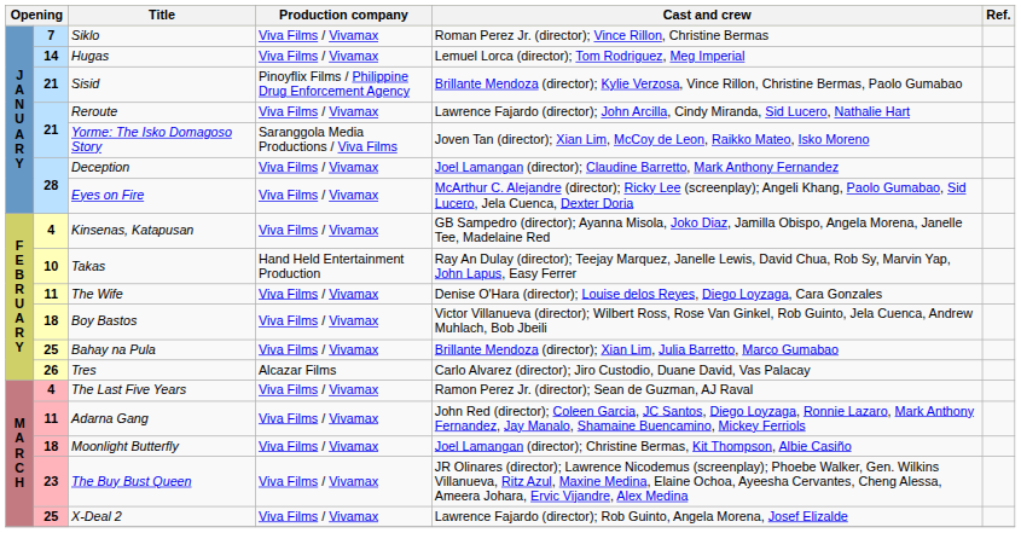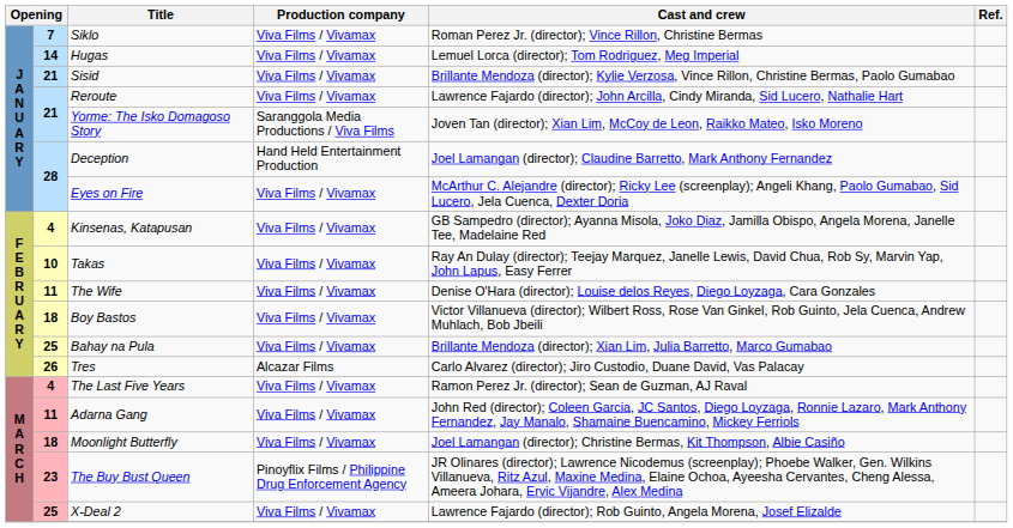 <table class="wikitable sortable">
 <tr style="background:#ffffba; text-align:center;">
 <th colspan="2" style="width:05%">Opening</th>
 <th style="width:17%">Title</th>
 <th style="width:16%">Production company</th>
 <th style="width:50%">Cast and crew</th>
 <th style="width:02%">Ref.</th>
 </tr>
 <tr>
 <th rowspan="7" style="text-align:center; background:#6698c6">J<br>A<br>N<br>U<br>A<br>R<br>Y</th>
 <td style="text-align:center; background:#bae1ff"><strong>7</strong></td>
 <td><em>Siklo</em></td>
 <td><a href='#'>Viva Films</a> / <a href='#'>Vivamax</a></td>
 <td style="text-align:left;">Roman Perez Jr. (director); <a href='#'>Vince Rillon</a>, Christine Bermas</td>
 <td></td>
 </tr>
 <tr>
 <td style="text-align:center; background:#bae1ff"><strong>14</strong></td>
 <td><em>Hugas</em></td>
 <td><a href='#'>Viva Films</a> / <a href='#'>Vivamax</a></td>
 <td>Lemuel Lorca (director); <a href='#'>Tom Rodriguez</a>, <a href='#'>Meg Imperial</a></td>
 <td></td>
 </tr>
 <tr>
 <td style="text-align:center; background:#bae1ff"><strong>21</strong></td>
 <td><em>Sisid</em></td>
-<td>Pinoyflix Films / <a href='#'>Philippine Drug Enforcement Agency</a></td>
+<td><a href='#'>Viva Films</a> / <a href='#'>Vivamax</a></td>
 <td style="text-align:left;"><a href='#'>Brillante Mendoza</a> (director); <a href='#'>Kylie Verzosa</a>, Vince Rillon, Christine Bermas, Paolo Gumabao</td>
 <td></td>
 </tr>
 <tr>
 <td rowspan="2" style="text-align:center; background:#bae1ff"><strong>21</strong></td>
 <td><em>Reroute</em></td>
 <td><a href='#'>Viva Films</a> / <a href='#'>Vivamax</a></td>
 <td style="text-align:left;">Lawrence Fajardo (director); <a href='#'>John Arcilla</a>, Cindy Miranda, <a href='#'>Sid Lucero</a>, <a href='#'>Nathalie Hart</a></td>
 <td></td>
 </tr>
 <tr>
 <td><em><a href='#'>Yorme: The Isko Domagoso Story</a></em></td>
 <td>Saranggola Media Productions / <a href='#'>Viva Films</a></td>
 <td>Joven Tan (director); <a href='#'>Xian Lim</a>, <a href='#'>McCoy de Leon</a>, <a href='#'>Raikko Mateo</a>, <a href='#'>Isko Moreno</a></td>
 <td></td>
 </tr>
 <tr>
 <td rowspan="2" style="text-align:center; background:#bae1ff"><strong>28</strong></td>
 <td><em>Deception</em></td>
-<td><a href='#'>Viva Films</a> / <a href='#'>Vivamax</a></td>
+<td>Hand Held Entertainment Production</td>
 <td><a href='#'>Joel Lamangan</a> (director); <a href='#'>Claudine Barretto</a>, <a href='#'>Mark Anthony Fernandez</a></td>
 <td></td>
 </tr>
 <tr>
 <td><em><a href='#'>Eyes on Fire</a></em></td>
 <td><a href='#'>Viva Films</a> / <a href='#'>Vivamax</a></td>
 <td><a href='#'>McArthur C. Alejandre</a> (director); <a href='#'>Ricky Lee</a> (screenplay); Angeli Khang, <a href='#'>Paolo Gumabao</a>, <a href='#'>Sid Lucero</a>, Jela Cuenca, <a href='#'>Dexter Doria</a></td>
 <td></td>
 </tr>
 <tr>
 <th rowspan="6" style="text-align:center; background:#d0d069">F<br>E<br>B<br>R<br>U<br>A<br>R<br>Y</th>
 <td style="text-align:center; background:#ffffba"><strong>4</strong></td>
 <td><em>Kinsenas, Katapusan</em></td>
 <td><a href='#'>Viva Films</a> / <a href='#'>Vivamax</a></td>
 <td>GB Sampedro (director); Ayanna Misola, <a href='#'>Joko Diaz</a>, Jamilla Obispo, Angela Morena, Janelle Tee, Madelaine Red</td>
 <td></td>
 </tr>
 <tr>
 <td style="text-align:center; background:#ffffba"><strong>10</strong></td>
 <td><em>Takas</em></td>
-<td>Hand Held Entertainment Production</td>
+<td><a href='#'>Viva Films</a> / <a href='#'>Vivamax</a></td>
 <td>Ray An Dulay (director); Teejay Marquez, Janelle Lewis, David Chua, Rob Sy, Marvin Yap, <a href='#'>John Lapus</a>, Easy Ferrer</td>
 <td></td>
 </tr>
 <tr>
 <td style="text-align:center; background:#ffffba"><strong>11</strong></td>
 <td><em>The Wife</em></td>
 <td><a href='#'>Viva Films</a> / <a href='#'>Vivamax</a></td>
 <td>Denise O'Hara (director); <a href='#'>Louise delos Reyes</a>, <a href='#'>Diego Loyzaga</a>, Cara Gonzales</td>
 <td></td>
 </tr>
 <tr>
 <td style="text-align:center; background:#ffffba"><strong>18</strong></td>
 <td><em>Boy Bastos</em></td>
 <td><a href='#'>Viva Films</a> / <a href='#'>Vivamax</a></td>
 <td>Victor Villanueva (director); Wilbert Ross, Rose Van Ginkel, Rob Guinto, Jela Cuenca, Andrew Muhlach, Bob Jbeili</td>
 <td></td>
 </tr>
 <tr>
 <td style="text-align:center; background:#ffffba"><strong>25</strong></td>
 <td><em>Bahay na Pula</em></td>
 <td><a href='#'>Viva Films</a> / <a href='#'>Vivamax</a></td>
 <td><a href='#'>Brillante Mendoza</a> (director); <a href='#'>Xian Lim</a>, <a href='#'>Julia Barretto</a>, <a href='#'>Marco Gumabao</a></td>
 <td></td>
 </tr>
 <tr>
 <td style="text-align:center; background:#ffffba"><strong>26</strong></td>
 <td><em>Tres</em></td>
 <td>Alcazar Films</td>
 <td>Carlo Alvarez (director); Jiro Custodio, Duane David, Vas Palacay</td>
 <td></td>
 </tr>
 <tr>
 <th rowspan="5" style="text-align:center; background:#c47a81">M<br>A<br>R<br>C<br>H</th>
 <td style="text-align:center; background:#ffb3ba"><strong>4</strong></td>
 <td><em>The Last Five Years</em></td>
 <td><a href='#'>Viva Films</a> / <a href='#'>Vivamax</a></td>
 <td style="text-align:left;">Ramon Perez Jr. (director); Sean de Guzman, AJ Raval</td>
 <td></td>
 </tr>
 <tr>
 <td style="text-align:center; background:#ffb3ba"><strong>11</strong></td>
 <td><em>Adarna Gang</em></td>
 <td><a href='#'>Viva Films</a> / <a href='#'>Vivamax</a></td>
 <td>John Red (director); <a href='#'>Coleen Garcia</a>, <a href='#'>JC Santos</a>, <a href='#'>Diego Loyzaga</a>, <a href='#'>Ronnie Lazaro</a>, <a href='#'>Mark Anthony Fernandez</a>, <a href='#'>Jay Manalo</a>, <a href='#'>Shamaine Buencamino</a>, <a href='#'>Mickey Ferriols</a></td>
 <td></td>
 </tr>
 <tr>
 <td style="text-align:center; background:#ffb3ba"><strong>18</strong></td>
 <td><em>Moonlight Butterfly</em></td>
 <td><a href='#'>Viva Films</a> / <a href='#'>Vivamax</a></td>
 <td><a href='#'>Joel Lamangan</a> (director); Christine Bermas, <a href='#'>Kit Thompson</a>, <a href='#'>Albie Casiño</a></td>
 <td></td>
 </tr>
 <tr>
 <td style="text-align:center; background:#ffb3ba"><strong>23</strong></td>
 <td><em><a href='#'>The Buy Bust Queen</a></em></td>
-<td><a href='#'>Viva Films</a> / <a href='#'>Vivamax</a></td>
+<td>Pinoyflix Films / <a href='#'>Philippine Drug Enforcement Agency</a></td>
 <td>JR Olinares (director); Lawrence Nicodemus (screenplay); Phoebe Walker, Gen. Wilkins Villanueva, <a href='#'>Ritz Azul</a>, <a href='#'>Maxine Medina</a>, Elaine Ochoa, Ayeesha Cervantes, Cheng Alessa, Ameera Johara, <a href='#'>Ervic Vijandre</a>, <a href='#'>Alex Medina</a></td>
 <td></td>
 </tr>
 <tr>
 <td style="text-align:center; background:#ffb3ba"><strong>25</strong></td>
 <td><em>X-Deal 2</em></td>
 <td><a href='#'>Viva Films</a> / <a href='#'>Vivamax</a></td>
 <td>Lawrence Fajardo (director); Rob Guinto, Angela Morena, <a href='#'>Josef Elizalde</a></td>
 <td></td>
 </tr>
 <tr>
 </tr>
 </table>
